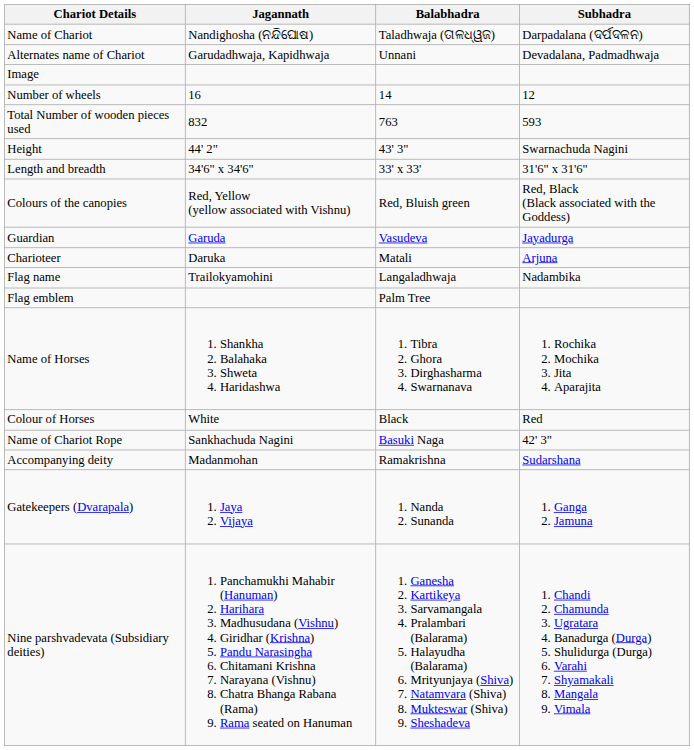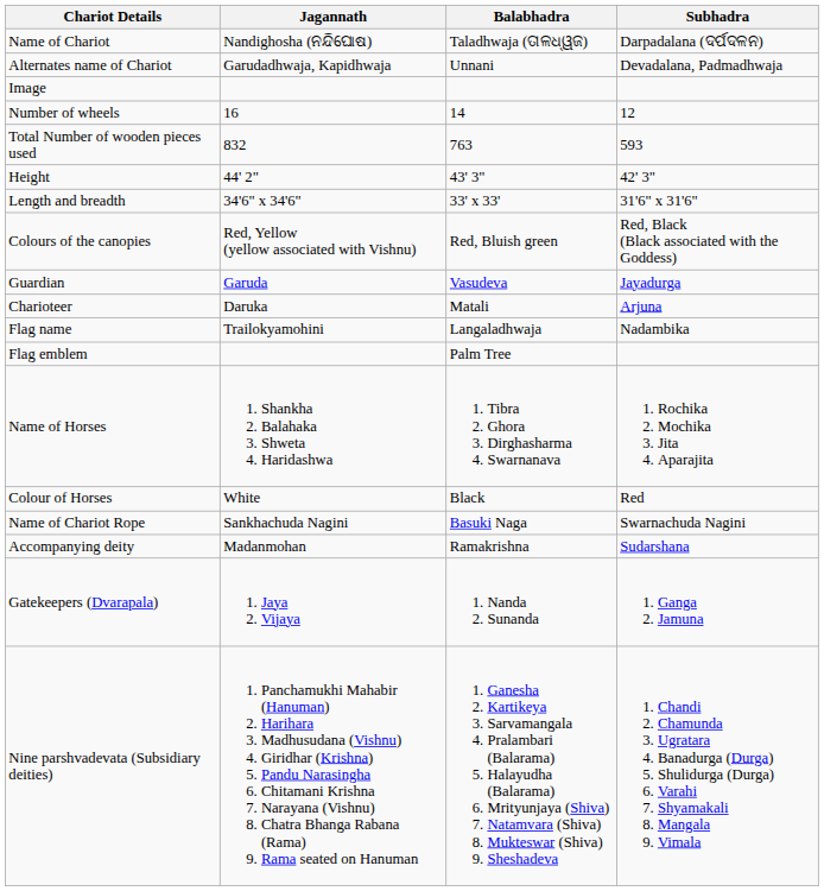 <table class="wikitable sortable mw-collapsible">
 <tr>
 <th>Chariot Details</th>
 <th>Jagannath</th>
 <th>Balabhadra</th>
 <th>Subhadra</th>
 </tr>
 <tr>
 <td>Name of Chariot</td>
 <td>Nandighosha (ନନ୍ଦିଘୋଷ)</td>
 <td>Taladhwaja (ତାଳଧ୍ୱଜ)</td>
 <td>Darpadalana (ଦର୍ପଦଳନ)</td>
 </tr>
 <tr>
 <td>Alternates name of Chariot</td>
 <td>Garudadhwaja, Kapidhwaja</td>
 <td>Unnani</td>
 <td>Devadalana, Padmadhwaja</td>
 </tr>
 <tr>
 <td>Image</td>
 <td> </td>
 <td> </td>
 <td> </td>
 </tr>
 <tr>
 <td>Number of wheels</td>
 <td>16</td>
 <td>14</td>
 <td>12</td>
 </tr>
 <tr>
 <td>Total Number of wooden pieces used</td>
 <td>832</td>
 <td>763</td>
 <td>593</td>
 </tr>
 <tr>
 <td>Height</td>
 <td>44' 2"</td>
 <td>43' 3"</td>
-<td>Swarnachuda Nagini</td>
+<td>42' 3"</td>
 </tr>
 <tr>
 <td>Length and breadth</td>
 <td>34'6" x 34'6"</td>
 <td>33' x 33'</td>
 <td>31'6" x 31'6"</td>
 </tr>
 <tr>
 <td>Colours of the canopies</td>
 <td>Red, Yellow<br>(yellow associated with Vishnu)</td>
 <td>Red, Bluish green</td>
 <td>Red, Black<br>(Black associated with the Goddess)</td>
 </tr>
 <tr>
 <td>Guardian</td>
 <td><a href='#'>Garuda</a></td>
 <td><a href='#'>Vasudeva</a></td>
 <td><a href='#'>Jayadurga</a></td>
 </tr>
 <tr>
 <td>Charioteer</td>
 <td>Daruka</td>
 <td>Matali</td>
 <td><a href='#'>Arjuna</a></td>
 </tr>
 <tr>
 <td>Flag name</td>
 <td>Trailokyamohini</td>
 <td>Langaladhwaja</td>
 <td>Nadambika</td>
 </tr>
 <tr>
 <td>Flag emblem</td>
 <td></td>
 <td>Palm Tree</td>
 <td></td>
 </tr>
 <tr>
 <td>Name of Horses</td>
 <td><br><ol><li>Shankha</li><li>Balahaka</li><li>Shweta</li><li>Haridashwa</li></ol></td>
 <td><br><ol><li>Tibra</li><li>Ghora</li><li>Dirghasharma</li><li>Swarnanava</li></ol></td>
 <td><br><ol><li>Rochika</li><li>Mochika</li><li>Jita</li><li>Aparajita</li></ol></td>
 </tr>
 <tr>
 <td>Colour of Horses</td>
 <td>White</td>
 <td>Black</td>
 <td>Red</td>
 </tr>
 <tr>
 <td>Name of Chariot Rope</td>
 <td>Sankhachuda Nagini</td>
 <td><a href='#'>Basuki</a> Naga</td>
-<td>42' 3"</td>
+<td>Swarnachuda Nagini</td>
 </tr>
 <tr>
 <td>Accompanying deity</td>
 <td>Madanmohan</td>
 <td>Ramakrishna</td>
 <td><a href='#'>Sudarshana</a></td>
 </tr>
 <tr>
 <td>Gatekeepers (<a href='#'>Dvarapala</a>)</td>
 <td><br><ol><li><a href='#'>Jaya</a></li><li><a href='#'>Vijaya</a></li></ol></td>
 <td><br><ol><li>Nanda</li><li>Sunanda</li></ol></td>
 <td><br><ol><li><a href='#'>Ganga</a></li><li><a href='#'>Jamuna</a></li></ol></td>
 </tr>
 <tr>
 <td>Nine parshvadevata (Subsidiary deities)</td>
 <td><br><ol><li>Panchamukhi Mahabir (<a href='#'>Hanuman</a>)</li><li><a href='#'>Harihara</a></li><li>Madhusudana (<a href='#'>Vishnu</a>)</li><li>Giridhar (<a href='#'>Krishna</a>)</li><li><a href='#'>Pandu Narasingha</a></li><li>Chitamani Krishna</li><li>Narayana (Vishnu)</li><li>Chatra Bhanga Rabana (Rama)</li><li><a href='#'>Rama</a> seated on Hanuman</li></ol></td>
 <td><br><ol><li><a href='#'>Ganesha</a></li><li><a href='#'>Kartikeya</a></li><li>Sarvamangala</li><li>Pralambari (Balarama)</li><li>Halayudha (Balarama)</li><li>Mrityunjaya (<a href='#'>Shiva</a>)</li><li><a href='#'>Natamvara</a> (Shiva)</li><li><a href='#'>Mukteswar</a> (Shiva)</li><li><a href='#'>Sheshadeva</a></li></ol></td>
 <td><br><ol><li><a href='#'>Chandi</a></li><li><a href='#'>Chamunda</a></li><li><a href='#'>Ugratara</a></li><li>Banadurga (<a href='#'>Durga</a>)</li><li>Shulidurga (Durga)</li><li><a href='#'>Varahi</a></li><li><a href='#'>Shyamakali</a></li><li><a href='#'>Mangala</a></li><li><a href='#'>Vimala</a></li></ol></td>
 </tr>
 </table>
